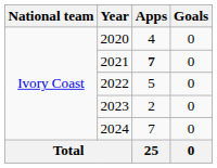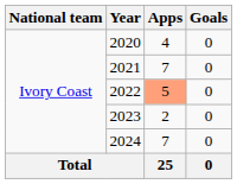 <table class="wikitable" style="text-align:center">
 <tr>
 <th>National team</th>
 <th>Year</th>
 <th>Apps</th>
 <th>Goals</th>
 </tr>
 <tr>
 <td rowspan="5"><a href='#'>Ivory Coast</a></td>
 <td>2020</td>
 <td>4</td>
 <td>0</td>
 </tr>
 <tr>
 <td>2021</td>
-<td><strong>7</strong></td>
+<td>7</td>
 <td>0</td>
 </tr>
 <tr>
 <td>2022</td>
-<td>5</td>
+<td style="background: lightsalmon;">5</td>
 <td>0</td>
 </tr>
 <tr>
 <td>2023</td>
 <td>2</td>
 <td>0</td>
 </tr>
 <tr>
 <td>2024</td>
 <td>7</td>
 <td>0</td>
 </tr>
 <tr>
 <th colspan="2">Total</th>
 <th>25</th>
 <th>0</th>
 </tr>
 </table>
